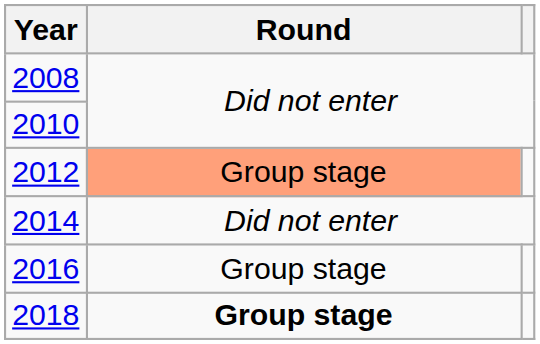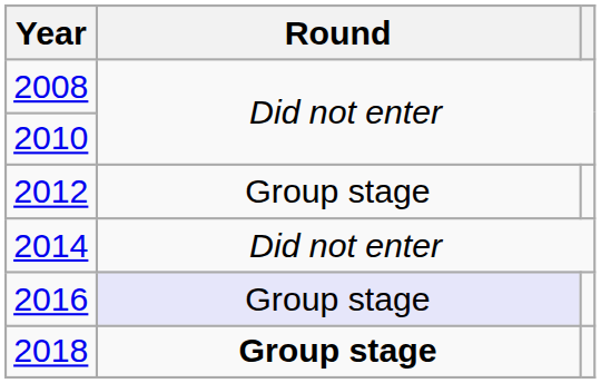 <table class="wikitable" style="text-align: center; font-size:90%">
 <tr>
 <th>Year</th>
 <th style="width:200px">Round</th>
 <th></th>
 </tr>
 <tr>
 <td><a href='#'>2008</a></td>
 <td colspan="2" rowspan="2"><em>Did not enter</em></td>
 </tr>
 <tr>
 <td><a href='#'>2010</a></td>
 </tr>
 <tr>
 <td><a href='#'>2012</a></td>
-<td style="background: lightsalmon;">Group stage</td>
+<td>Group stage</td>
 <td></td>
 </tr>
 <tr>
 <td><a href='#'>2014</a></td>
 <td colspan="2"><em>Did not enter</em></td>
 </tr>
 <tr>
 <td><a href='#'>2016</a></td>
-<td>Group stage</td>
+<td style="background: lavender;">Group stage</td>
 <td></td>
 </tr>
 <tr>
 <td><a href='#'>2018</a></td>
 <td><strong>Group stage</strong></td>
 <td></td>
 </tr>
 </table>
